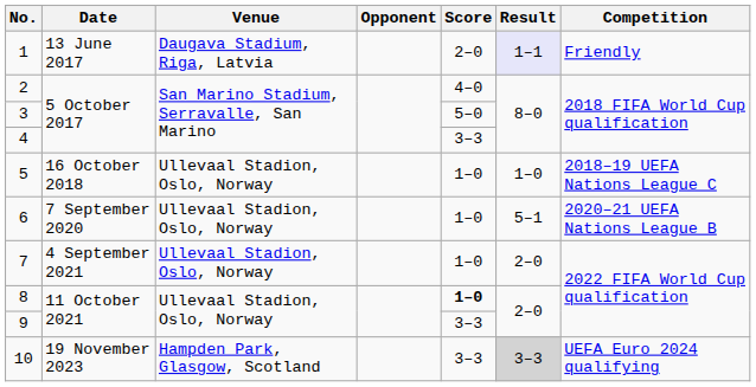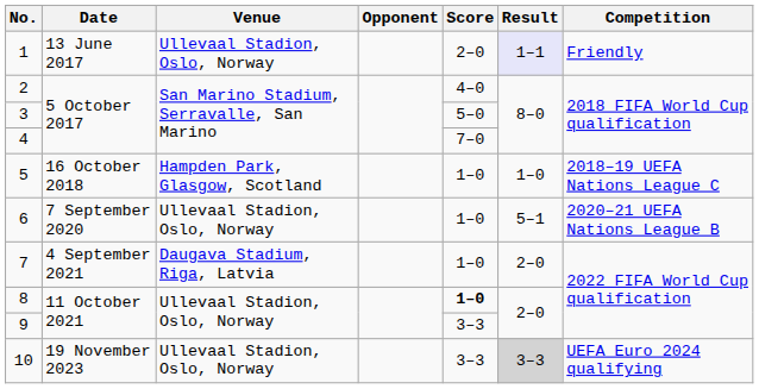 <table class="wikitable sortable">
 <tr>
 <th scope="col">No.</th>
 <th scope="col">Date</th>
 <th scope="col">Venue</th>
 <th scope="col">Opponent</th>
 <th scope="col">Score</th>
 <th scope="col">Result</th>
 <th scope="col">Competition</th>
 </tr>
 <tr>
 <td align="center">1</td>
 <td>13 June 2017</td>
-<td><a href='#'>Daugava Stadium</a>, <a href='#'>Riga</a>, Latvia</td>
+<td><a href='#'>Ullevaal Stadion</a>, <a href='#'>Oslo</a>, Norway</td>
 <td></td>
 <td align="center">2–0</td>
 <td align="center" style="background: lavender;">1–1</td>
 <td><a href='#'>Friendly</a></td>
 </tr>
 <tr>
 <td align="center">2</td>
 <td rowspan="3">5 October 2017</td>
 <td rowspan="3"><a href='#'>San Marino Stadium</a>, <a href='#'>Serravalle</a>, San Marino</td>
 <td rowspan="3"></td>
 <td align="center">4–0</td>
 <td rowspan=3 align=center>8–0</td>
 <td rowspan="3"><a href='#'>2018 FIFA World Cup qualification</a></td>
 </tr>
 <tr>
 <td align="center">3</td>
 <td align="center">5–0</td>
 </tr>
 <tr>
 <td align="center">4</td>
-<td align="center">3–3</td>
+<td align="center">7–0</td>
 </tr>
 <tr>
 <td align="center">5</td>
 <td>16 October 2018</td>
-<td>Ullevaal Stadion, Oslo, Norway</td>
+<td><a href='#'>Hampden Park</a>, <a href='#'>Glasgow</a>, Scotland</td>
 <td></td>
 <td align="center">1–0</td>
 <td align="center">1–0</td>
 <td><a href='#'>2018–19 UEFA Nations League C</a></td>
 </tr>
 <tr>
 <td align="center">6</td>
 <td>7 September 2020</td>
 <td>Ullevaal Stadion, Oslo, Norway</td>
 <td></td>
 <td align="center">1–0</td>
 <td align="center">5–1</td>
 <td><a href='#'>2020–21 UEFA Nations League B</a></td>
 </tr>
 <tr>
 <td align="center">7</td>
 <td>4 September 2021</td>
-<td><a href='#'>Ullevaal Stadion</a>, <a href='#'>Oslo</a>, Norway</td>
+<td><a href='#'>Daugava Stadium</a>, <a href='#'>Riga</a>, Latvia</td>
 <td></td>
 <td align="center">1–0</td>
 <td align="center">2–0</td>
 <td rowspan="3"><a href='#'>2022 FIFA World Cup qualification</a></td>
 </tr>
 <tr>
 <td align="center">8</td>
 <td rowspan="2">11 October 2021</td>
 <td rowspan="2">Ullevaal Stadion, Oslo, Norway</td>
 <td rowspan="2"></td>
 <td align="center"><strong>1–0</strong></td>
 <td rowspan=2 align=center>2–0</td>
 </tr>
 <tr>
 <td align="center">9</td>
 <td align="center">3–3</td>
 </tr>
 <tr>
 <td align="center">10</td>
 <td>19 November 2023</td>
-<td><a href='#'>Hampden Park</a>, <a href='#'>Glasgow</a>, Scotland</td>
+<td>Ullevaal Stadion, Oslo, Norway</td>
 <td></td>
 <td align="center">3–3</td>
 <td align="center" style="background: lightgrey;">3–3</td>
 <td><a href='#'>UEFA Euro 2024 qualifying</a></td>
 </tr>
 </table>
